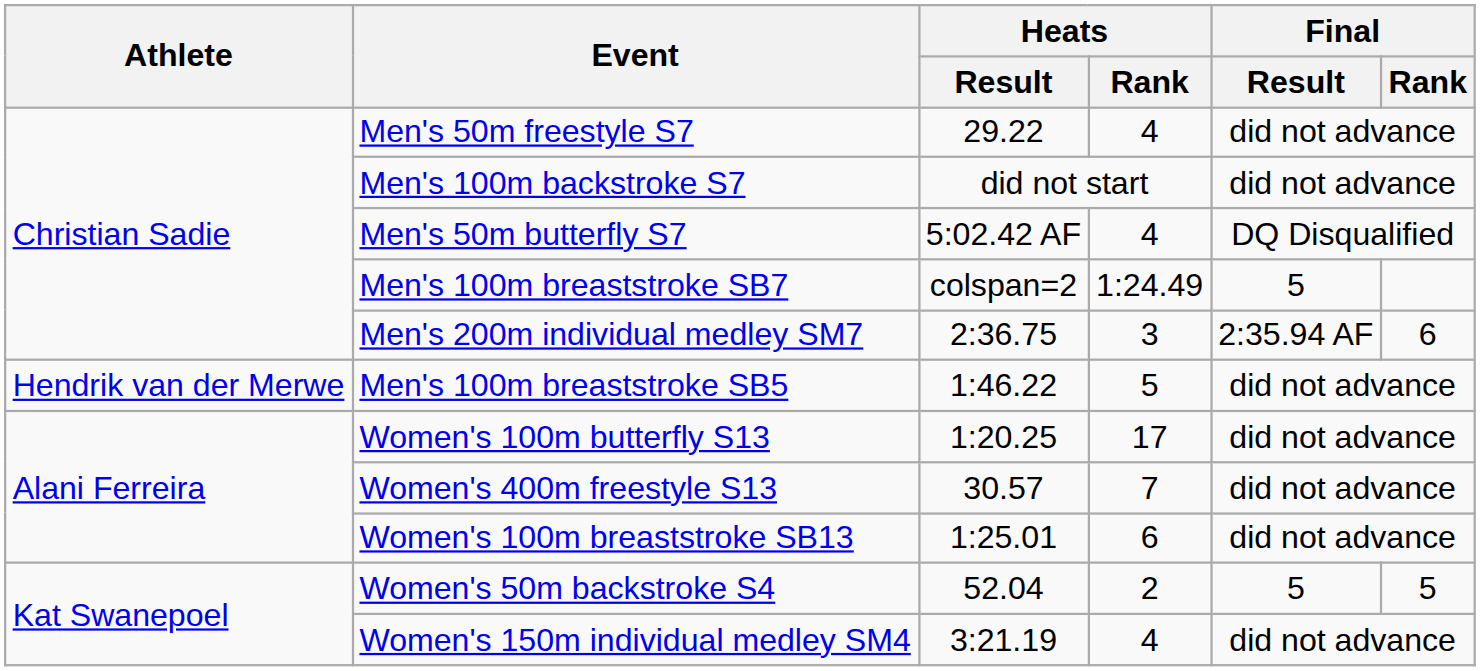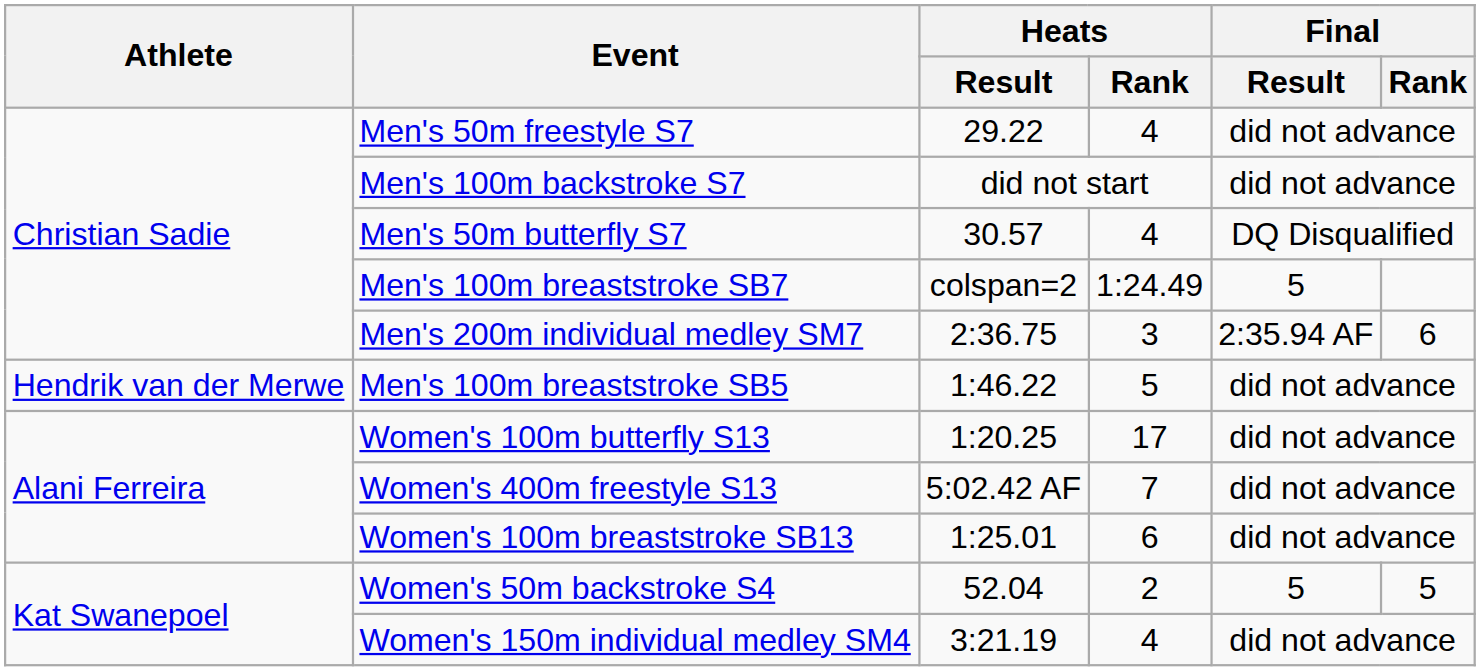 <table class=wikitable style="font-size:90%">
 <tr>
 <th rowspan="2">Athlete</th>
 <th rowspan="2">Event</th>
 <th colspan="2">Heats</th>
 <th colspan="2">Final</th>
 </tr>
 <tr>
 <th>Result</th>
 <th>Rank</th>
 <th>Result</th>
 <th>Rank</th>
 </tr>
 <tr align=center>
 <td align=left rowspan=5><a href='#'>Christian Sadie</a></td>
 <td align=left><a href='#'>Men's 50m freestyle S7</a></td>
 <td>29.22</td>
 <td>4</td>
 <td colspan="2">did not advance</td>
 </tr>
 <tr align=center>
 <td align=left><a href='#'>Men's 100m backstroke S7</a></td>
 <td colspan="2">did not start</td>
 <td colspan="2">did not advance</td>
 </tr>
 <tr align=center>
 <td align=left><a href='#'>Men's 50m butterfly S7</a></td>
-<td>5:02.42 AF</td>
+<td>30.57</td>
 <td>4</td>
 <td colspan="2">DQ Disqualified</td>
 </tr>
 <tr align=center>
 <td align=left><a href='#'>Men's 100m breaststroke SB7</a></td>
 <td>colspan=2 </td>
 <td>1:24.49</td>
 <td>5</td>
 </tr>
 <tr align=center>
 <td align=left><a href='#'>Men's 200m individual medley SM7</a></td>
 <td>2:36.75</td>
 <td>3</td>
 <td>2:35.94 AF</td>
 <td>6</td>
 </tr>
 <tr align=center>
 <td align=left><a href='#'>Hendrik van der Merwe</a></td>
 <td align=left><a href='#'>Men's 100m breaststroke SB5</a></td>
 <td>1:46.22</td>
 <td>5</td>
 <td colspan="2">did not advance</td>
 </tr>
 <tr align=center>
 <td align=left rowspan=3><a href='#'>Alani Ferreira</a></td>
 <td align=left><a href='#'>Women's 100m butterfly S13</a></td>
 <td>1:20.25</td>
 <td>17</td>
 <td colspan="2">did not advance</td>
 </tr>
 <tr align=center>
 <td align=left><a href='#'>Women's 400m freestyle S13</a></td>
-<td>30.57</td>
+<td>5:02.42 AF</td>
 <td>7</td>
 <td colspan="2">did not advance</td>
 </tr>
 <tr align=center>
 <td align=left><a href='#'>Women's 100m breaststroke SB13</a></td>
 <td>1:25.01</td>
 <td>6</td>
 <td colspan="2">did not advance</td>
 </tr>
 <tr align=center>
 <td align=left rowspan=4><a href='#'>Kat Swanepoel</a></td>
 <td align=left><a href='#'>Women's 50m backstroke S4</a></td>
 <td>52.04</td>
 <td>2</td>
 <td>5</td>
 <td>5</td>
 </tr>
 <tr align=center>
 <td align=left><a href='#'>Women's 150m individual medley SM4</a></td>
 <td>3:21.19</td>
 <td>4</td>
 <td colspan="2">did not advance</td>
 </tr>
 </table>
